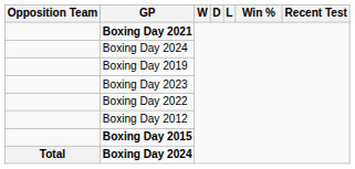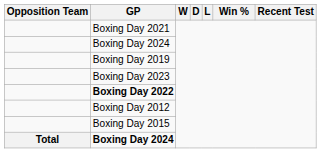 <table class="wikitable">
 <tr>
 <th>Opposition Team</th>
 <th>GP</th>
 <th>W</th>
 <th>D</th>
 <th>L</th>
 <th width=60px>Win %</th>
 <th>Recent Test</th>
 </tr>
 <tr>
 <td><br></td>
-<td><strong>Boxing Day 2021</strong></td>
+<td>Boxing Day 2021</td>
 </tr>
 <tr>
 <td><br></td>
 <td>Boxing Day 2024</td>
 </tr>
 <tr>
 <td><br></td>
 <td>Boxing Day 2019</td>
 </tr>
 <tr>
 <td><br></td>
 <td>Boxing Day 2023</td>
 </tr>
 <tr>
 <td><br></td>
-<td>Boxing Day 2022</td>
+<td><strong>Boxing Day 2022</strong></td>
 </tr>
 <tr>
 <td><br></td>
 <td>Boxing Day 2012</td>
 </tr>
 <tr>
 <td><br></td>
-<td><strong>Boxing Day 2015</strong></td>
+<td>Boxing Day 2015</td>
 </tr>
 <tr>
 <th>Total<br></th>
 <td><strong>Boxing Day 2024</strong></td>
 </tr>
 </table>
